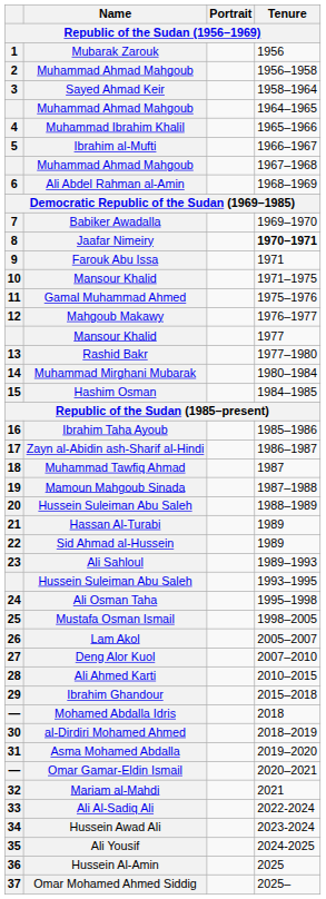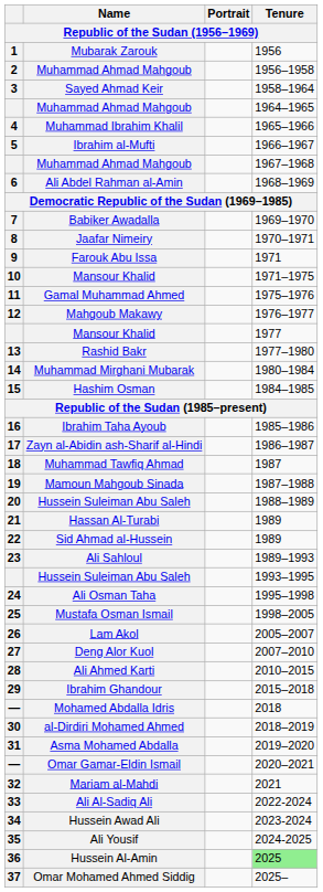 <table class="wikitable">
 <tr>
 <th></th>
 <th>Name<br></th>
 <th>Portrait</th>
 <th>Tenure</th>
 </tr>
 <tr>
 <th colspan="4" align="center"><a href='#'>Republic of the Sudan (1956–1969)</a></th>
 </tr>
 <tr>
 <th>1</th>
 <th align="center" scope="row" style="font-weight:normal;"><a href='#'>Mubarak Zarouk</a><br></th>
 <td></td>
 <td>1956</td>
 </tr>
 <tr>
 <th>2</th>
 <th align="center" scope="row" style="font-weight:normal;"><a href='#'>Muhammad Ahmad Mahgoub</a><br></th>
 <td></td>
 <td>1956–1958</td>
 </tr>
 <tr>
 <th>3</th>
 <th align="center" scope="row" style="font-weight:normal;"><a href='#'>Sayed Ahmad Keir</a><br></th>
 <td></td>
 <td>1958–1964</td>
 </tr>
 <tr>
 <th></th>
 <th align="center" scope="row" style="font-weight:normal;"><a href='#'>Muhammad Ahmad Mahgoub</a><br></th>
 <td></td>
 <td>1964–1965</td>
 </tr>
 <tr>
 <th>4</th>
 <th align="center" scope="row" style="font-weight:normal;"><a href='#'>Muhammad Ibrahim Khalil</a><br></th>
 <td></td>
 <td>1965–1966</td>
 </tr>
 <tr>
 <th>5</th>
 <th align="center" scope="row" style="font-weight:normal;"><a href='#'>Ibrahim al-Mufti</a></th>
 <td></td>
 <td>1966–1967</td>
 </tr>
 <tr>
 <th></th>
 <th align="center" scope="row" style="font-weight:normal;"><a href='#'>Muhammad Ahmad Mahgoub</a><br></th>
 <td></td>
 <td>1967–1968</td>
 </tr>
 <tr>
 <th>6</th>
 <th align="center" scope="row" style="font-weight:normal;"><a href='#'>Ali Abdel Rahman al-Amin</a></th>
 <td></td>
 <td>1968–1969</td>
 </tr>
 <tr>
 <th colspan="4" align="center"><a href='#'>Democratic Republic of the Sudan</a> (1969–1985)</th>
 </tr>
 <tr>
 <th>7</th>
 <th align="center" scope="row" style="font-weight:normal;"><a href='#'>Babiker Awadalla</a><br></th>
 <td></td>
 <td>1969–1970</td>
 </tr>
 <tr>
 <th>8</th>
 <th align="center" scope="row" style="font-weight:normal;"><a href='#'>Jaafar Nimeiry</a><br></th>
 <td></td>
-<td><strong>1970–1971</strong></td>
+<td>1970–1971</td>
 </tr>
 <tr>
 <th>9</th>
 <th align="center" scope="row" style="font-weight:normal;"><a href='#'>Farouk Abu Issa</a><br></th>
 <td></td>
 <td>1971</td>
 </tr>
 <tr>
 <th>10</th>
 <th align="center" scope="row" style="font-weight:normal;"><a href='#'>Mansour Khalid</a><br></th>
 <td></td>
 <td>1971–1975</td>
 </tr>
 <tr>
 <th>11</th>
 <th align="center" scope="row" style="font-weight:normal;"><a href='#'>Gamal Muhammad Ahmed</a><br></th>
 <td></td>
 <td>1975–1976</td>
 </tr>
 <tr>
 <th>12</th>
 <th align="center" scope="row" style="font-weight:normal;"><a href='#'>Mahgoub Makawy</a></th>
 <td></td>
 <td>1976–1977</td>
 </tr>
 <tr>
 <th></th>
 <th align="center" scope="row" style="font-weight:normal;"><a href='#'>Mansour Khalid</a><br></th>
 <td></td>
 <td>1977</td>
 </tr>
 <tr>
 <th>13</th>
 <th align="center" scope="row" style="font-weight:normal;"><a href='#'>Rashid Bakr</a><br></th>
 <td></td>
 <td>1977–1980</td>
 </tr>
 <tr>
 <th>14</th>
 <th align="center" scope="row" style="font-weight:normal;"><a href='#'>Muhammad Mirghani Mubarak</a></th>
 <td></td>
 <td>1980–1984</td>
 </tr>
 <tr>
 <th>15</th>
 <th align="center" scope="row" style="font-weight:normal;"><a href='#'>Hashim Osman</a></th>
 <td></td>
 <td>1984–1985</td>
 </tr>
 <tr>
 <th colspan="4" align="center"><a href='#'>Republic of the Sudan</a> (1985–present)</th>
 </tr>
 <tr>
 <th>16</th>
 <th align="center" scope="row" style="font-weight:normal;"><a href='#'>Ibrahim Taha Ayoub</a><br></th>
 <td></td>
 <td>1985–1986</td>
 </tr>
 <tr>
 <th>17</th>
 <th align="center" scope="row" style="font-weight:normal;"><a href='#'>Zayn al-Abidin ash-Sharif al-Hindi</a><br></th>
 <td></td>
 <td>1986–1987</td>
 </tr>
 <tr>
 <th>18</th>
 <th align="center" scope="row" style="font-weight:normal;"><a href='#'>Muhammad Tawfiq Ahmad</a></th>
 <td></td>
 <td>1987</td>
 </tr>
 <tr>
 <th>19</th>
 <th align="center" scope="row" style="font-weight:normal;"><a href='#'>Mamoun Mahgoub Sinada</a></th>
 <td></td>
 <td>1987–1988</td>
 </tr>
 <tr>
 <th>20</th>
 <th align="center" scope="row" style="font-weight:normal;"><a href='#'>Hussein Suleiman Abu Saleh</a><br></th>
 <td></td>
 <td>1988–1989</td>
 </tr>
 <tr>
 <th>21</th>
 <th align="center" scope="row" style="font-weight:normal;"><a href='#'>Hassan Al-Turabi</a><br></th>
 <td></td>
 <td>1989</td>
 </tr>
 <tr>
 <th>22</th>
 <th align="center" scope="row" style="font-weight:normal;"><a href='#'>Sid Ahmad al-Hussein</a></th>
 <td></td>
 <td>1989</td>
 </tr>
 <tr>
 <th>23</th>
 <th align="center" scope="row" style="font-weight:normal;"><a href='#'>Ali Sahloul</a><br></th>
 <td></td>
 <td>1989–1993</td>
 </tr>
 <tr>
 <th></th>
 <th align="center" scope="row" style="font-weight:normal;"><a href='#'>Hussein Suleiman Abu Saleh</a><br></th>
 <td></td>
 <td>1993–1995</td>
 </tr>
 <tr>
 <th>24</th>
 <th align="center" scope="row" style="font-weight:normal;"><a href='#'>Ali Osman Taha</a><br></th>
 <td></td>
 <td>1995–1998</td>
 </tr>
 <tr>
 <th>25</th>
 <th align="center" scope="row" style="font-weight:normal;"><a href='#'>Mustafa Osman Ismail</a><br></th>
 <td></td>
 <td>1998–2005</td>
 </tr>
 <tr>
 <th>26</th>
 <th align="center" scope="row" style="font-weight:normal;"><a href='#'>Lam Akol</a><br></th>
 <td></td>
 <td>2005–2007</td>
 </tr>
 <tr>
 <th>27</th>
 <th align="center" scope="row" style="font-weight:normal;"><a href='#'>Deng Alor Kuol</a></th>
 <td></td>
 <td>2007–2010</td>
 </tr>
 <tr>
 <th>28</th>
 <th align="center" scope="row" style="font-weight:normal;"><a href='#'>Ali Ahmed Karti</a><br></th>
 <td></td>
 <td>2010–2015</td>
 </tr>
 <tr>
 <th>29</th>
 <th align="center" scope="row" style="font-weight:normal;"><a href='#'>Ibrahim Ghandour</a><br></th>
 <td></td>
 <td>2015–2018</td>
 </tr>
 <tr>
 <th>—</th>
 <th align="center" scope="row" style="font-weight:normal;"><a href='#'>Mohamed Abdalla Idris</a><br></th>
 <td></td>
 <td>2018</td>
 </tr>
 <tr>
 <th>30</th>
 <th align="center" scope="row" style="font-weight:normal;"><a href='#'>al-Dirdiri Mohamed Ahmed</a></th>
 <td></td>
 <td>2018–2019</td>
 </tr>
 <tr>
 <th>31</th>
 <th align="center" scope="row" style="font-weight:normal;"><a href='#'>Asma Mohamed Abdalla</a><br></th>
 <td></td>
 <td>2019–2020</td>
 </tr>
 <tr>
 <th>—</th>
 <th align="center" scope="row" style="font-weight:normal;"><a href='#'>Omar Gamar-Eldin Ismail</a><br></th>
 <td></td>
 <td>2020–2021</td>
 </tr>
 <tr>
 <th>32</th>
 <th align="center" scope="row" style="font-weight:normal;"><a href='#'>Mariam al-Mahdi</a><br></th>
 <td></td>
 <td>2021</td>
 </tr>
 <tr>
 <th>33</th>
 <th align="center" scope="row" style="font-weight:normal;"><a href='#'>Ali Al-Sadiq Ali</a><br></th>
 <td></td>
 <td>2022-2024</td>
 </tr>
 <tr>
 <th>34</th>
 <th align="center" scope="row" style="font-weight:normal;">Hussein Awad Ali</th>
 <td></td>
 <td>2023-2024</td>
 </tr>
 <tr>
 <th>35</th>
 <th align="center" scope="row" style="font-weight:normal;">Ali Yousif</th>
 <td></td>
 <td>2024-2025</td>
 </tr>
 <tr>
 <th>36</th>
 <th align="center" scope="row" style="font-weight:normal;">Hussein Al-Amin</th>
 <td></td>
-<td>2025</td>
+<td style="background: lightgreen;">2025</td>
 </tr>
 <tr>
 <th>37</th>
 <th align="center" scope="row" style="font-weight:normal;">Omar Mohamed Ahmed Siddig</th>
 <td></td>
 <td>2025–</td>
 </tr>
 </table>
